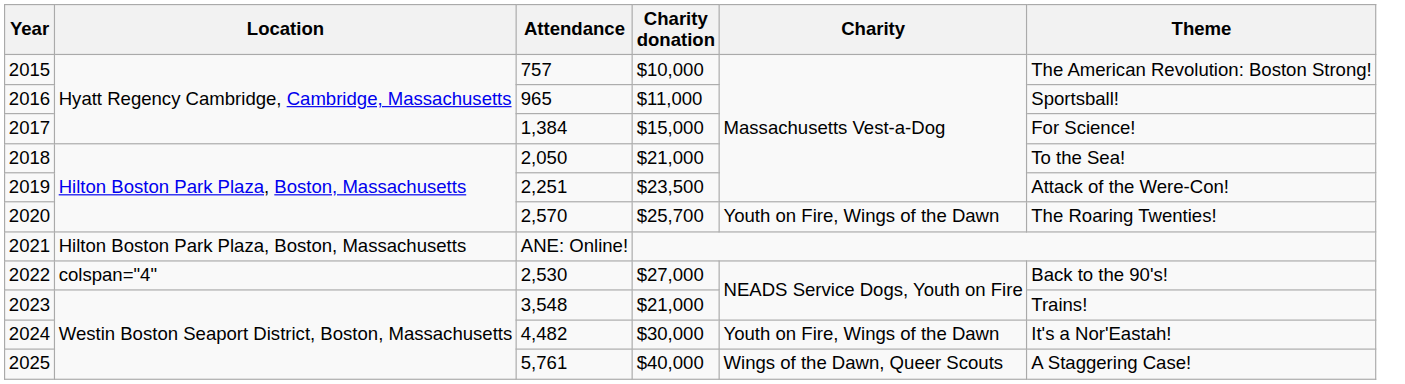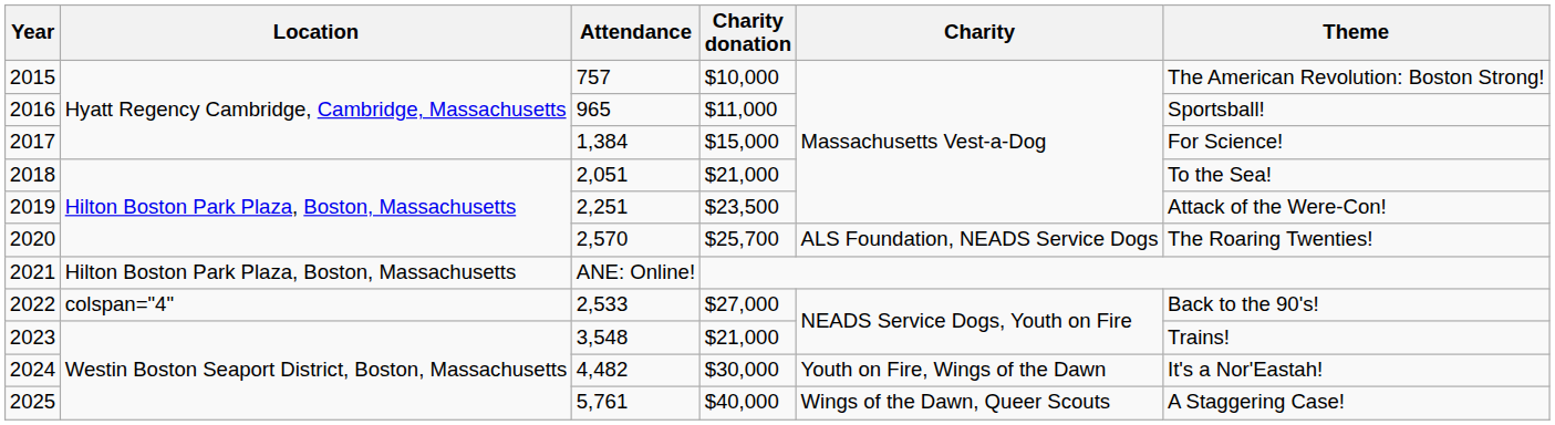 <table class="wikitable" border="1">
 <tr>
 <th>Year</th>
 <th>Location</th>
 <th>Attendance</th>
 <th>Charity<br>donation</th>
 <th>Charity</th>
 <th>Theme</th>
 </tr>
 <tr>
 <td>2015</td>
 <td rowspan="3">Hyatt Regency Cambridge, <a href='#'>Cambridge, Massachusetts</a></td>
 <td>757</td>
 <td>$10,000</td>
 <td rowspan="5">Massachusetts Vest-a-Dog</td>
 <td>The American Revolution: Boston Strong!</td>
 </tr>
 <tr>
 <td>2016</td>
 <td>965</td>
 <td>$11,000</td>
 <td>Sportsball!</td>
 </tr>
 <tr>
 <td>2017</td>
 <td>1,384</td>
 <td>$15,000</td>
 <td>For Science!</td>
 </tr>
 <tr>
 <td>2018</td>
 <td rowspan="3"><a href='#'>Hilton Boston Park Plaza</a>, <a href='#'>Boston, Massachusetts</a></td>
-<td>2,050</td>
+<td>2,051</td>
 <td>$21,000</td>
 <td>To the Sea!</td>
 </tr>
 <tr>
 <td>2019</td>
 <td>2,251</td>
 <td>$23,500</td>
 <td>Attack of the Were-Con!</td>
 </tr>
 <tr>
 <td>2020</td>
 <td>2,570</td>
 <td>$25,700</td>
-<td>Youth on Fire, Wings of the Dawn</td>
+<td>ALS Foundation, NEADS Service Dogs</td>
 <td>The Roaring Twenties!</td>
 </tr>
 <tr>
 <td>2021</td>
 <td>Hilton Boston Park Plaza, Boston, Massachusetts</td>
 <td>ANE: Online!</td>
 </tr>
 <tr>
 <td>2022</td>
 <td>colspan="4" </td>
-<td>2,530</td>
+<td>2,533</td>
 <td>$27,000</td>
 <td rowspan="2">NEADS Service Dogs, Youth on Fire</td>
 <td>Back to the 90's!</td>
 </tr>
 <tr>
 <td>2023</td>
 <td rowspan="3">Westin Boston Seaport District, Boston, Massachusetts</td>
 <td>3,548</td>
 <td>$21,000</td>
 <td>Trains!</td>
 </tr>
 <tr>
 <td>2024</td>
 <td>4,482</td>
 <td>$30,000</td>
 <td>Youth on Fire, Wings of the Dawn</td>
 <td>It's a Nor'Eastah!</td>
 </tr>
 <tr>
 <td>2025</td>
 <td>5,761</td>
 <td>$40,000</td>
 <td>Wings of the Dawn, Queer Scouts</td>
 <td>A Staggering Case!</td>
 </tr>
 </table>
